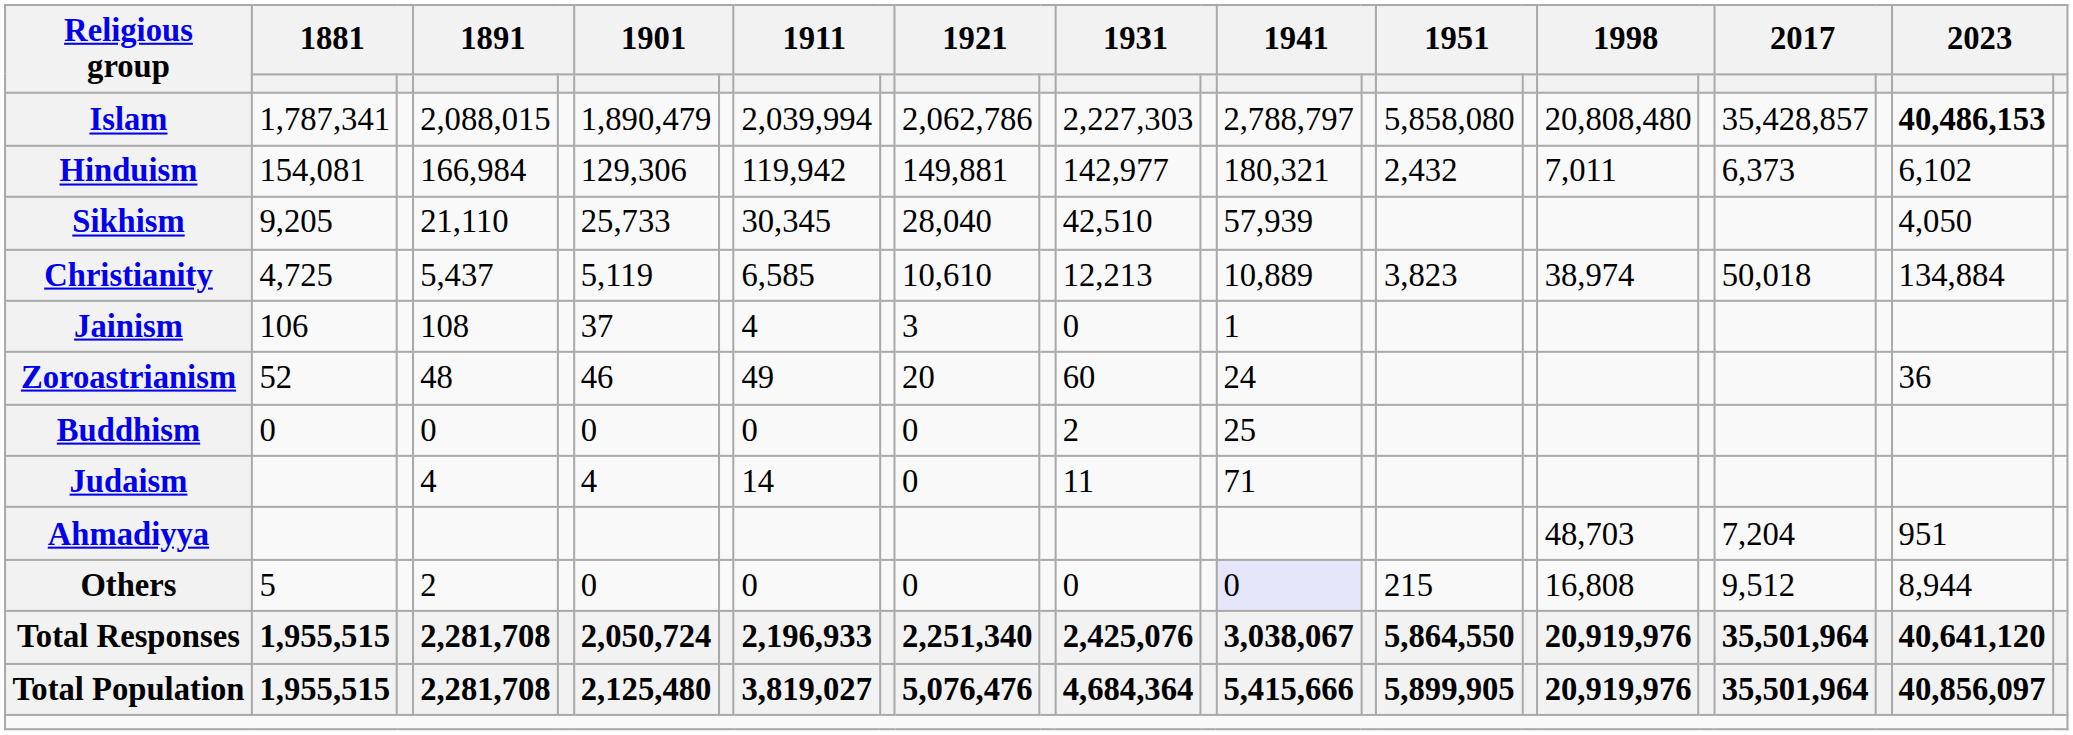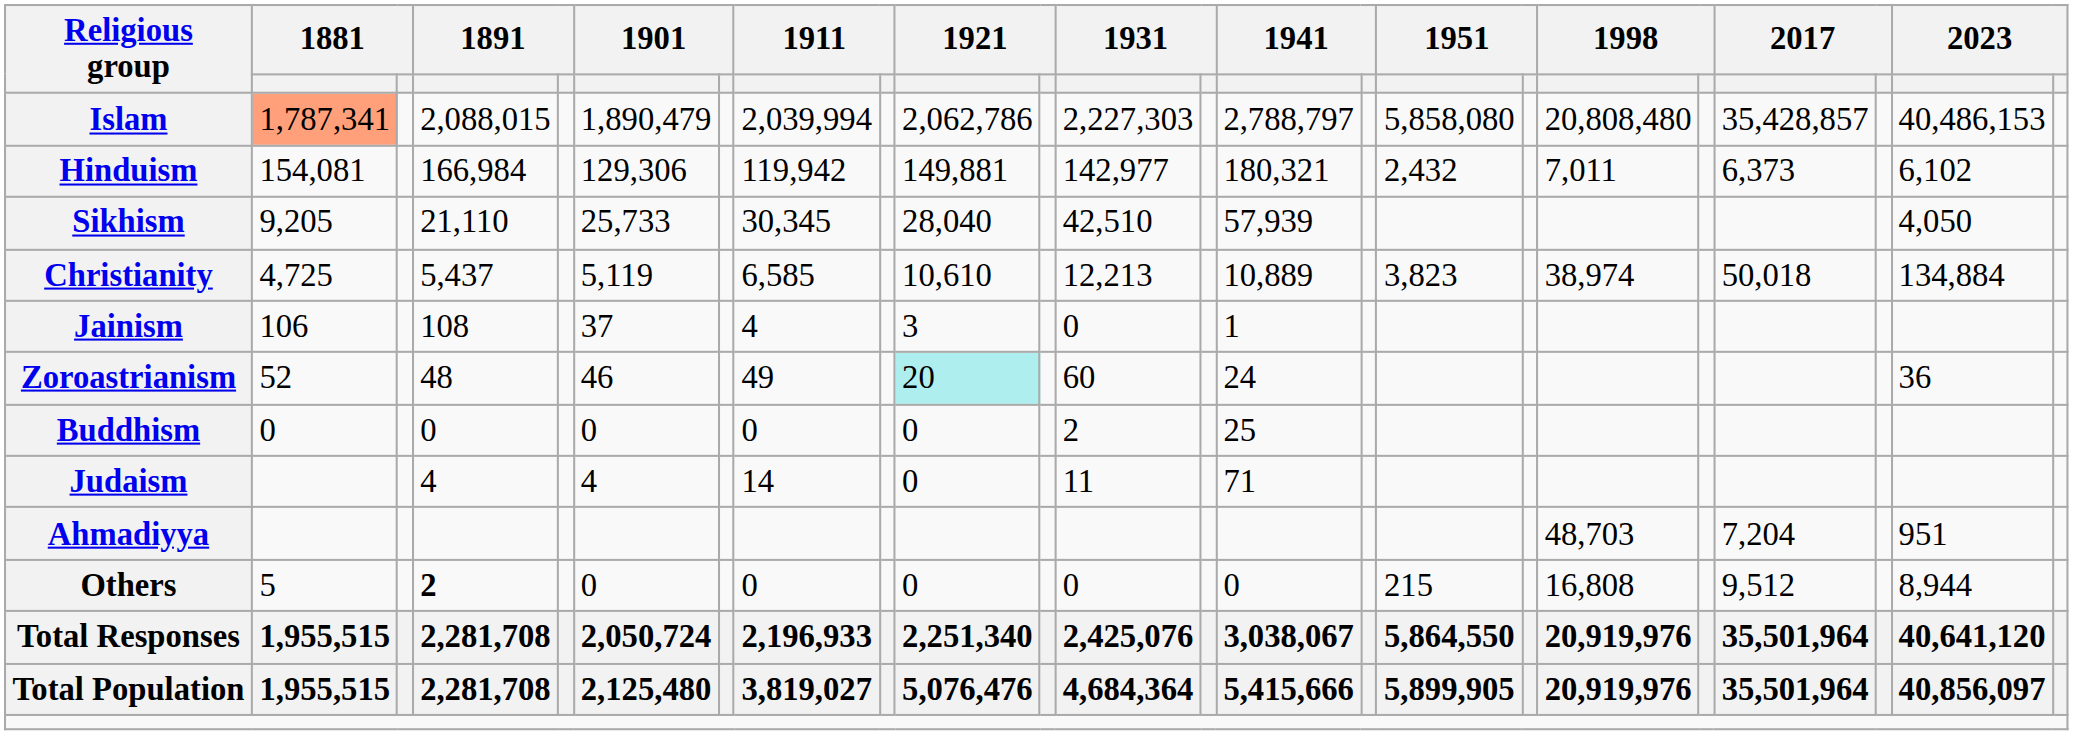 <table class="wikitable sortable">
 <tr>
 <th rowspan="2"><a href='#'>Religious</a><br>group</th>
 <th colspan="2">1881</th>
 <th colspan="2">1891</th>
 <th colspan="2">1901</th>
 <th colspan="2">1911</th>
 <th colspan="2">1921</th>
 <th colspan="2">1931</th>
 <th colspan="2">1941</th>
 <th colspan="2">1951</th>
 <th colspan="2">1998</th>
 <th colspan="2">2017</th>
 <th colspan="2">2023</th>
 </tr>
 <tr>
 <th><a href='#'></a></th>
 <th></th>
 <th></th>
 <th></th>
 <th></th>
 <th></th>
 <th></th>
 <th></th>
 <th></th>
 <th></th>
 <th></th>
 <th></th>
 <th></th>
 <th></th>
 <th></th>
 <th></th>
 <th></th>
 <th></th>
 <th></th>
 <th></th>
 <th></th>
 <th></th>
 </tr>
 <tr>
 <th><a href='#'>Islam</a> </th>
-<td>1,787,341</td>
+<td style="background: lightsalmon;">1,787,341</td>
 <td></td>
 <td>2,088,015</td>
 <td></td>
 <td>1,890,479</td>
 <td></td>
 <td>2,039,994</td>
 <td></td>
 <td>2,062,786</td>
 <td></td>
 <td>2,227,303</td>
 <td></td>
 <td>2,788,797</td>
 <td></td>
 <td>5,858,080</td>
 <td></td>
 <td>20,808,480</td>
 <td></td>
 <td>35,428,857</td>
 <td></td>
-<td><strong>40,486,153</strong></td>
+<td>40,486,153</td>
 <td></td>
 </tr>
 <tr>
 <th><a href='#'>Hinduism</a> </th>
 <td>154,081</td>
 <td></td>
 <td>166,984</td>
 <td></td>
 <td>129,306</td>
 <td></td>
 <td>119,942</td>
 <td></td>
 <td>149,881</td>
 <td></td>
 <td>142,977</td>
 <td></td>
 <td>180,321</td>
 <td></td>
 <td>2,432</td>
 <td></td>
 <td>7,011</td>
 <td></td>
 <td>6,373</td>
 <td></td>
 <td>6,102</td>
 <td></td>
 </tr>
 <tr>
 <th><a href='#'>Sikhism</a> </th>
 <td>9,205</td>
 <td></td>
 <td>21,110</td>
 <td></td>
 <td>25,733</td>
 <td></td>
 <td>30,345</td>
 <td></td>
 <td>28,040</td>
 <td></td>
 <td>42,510</td>
 <td></td>
 <td>57,939</td>
 <td></td>
 <td></td>
 <td></td>
 <td></td>
 <td></td>
 <td></td>
 <td></td>
 <td>4,050</td>
 <td></td>
 </tr>
 <tr>
 <th><a href='#'>Christianity</a> </th>
 <td>4,725</td>
 <td></td>
 <td>5,437</td>
 <td></td>
 <td>5,119</td>
 <td></td>
 <td>6,585</td>
 <td></td>
 <td>10,610</td>
 <td></td>
 <td>12,213</td>
 <td></td>
 <td>10,889</td>
 <td></td>
 <td>3,823</td>
 <td></td>
 <td>38,974</td>
 <td></td>
 <td>50,018</td>
 <td></td>
 <td>134,884</td>
 <td></td>
 </tr>
 <tr>
 <th><a href='#'>Jainism</a> </th>
 <td>106</td>
 <td></td>
 <td>108</td>
 <td></td>
 <td>37</td>
 <td></td>
 <td>4</td>
 <td></td>
 <td>3</td>
 <td></td>
 <td>0</td>
 <td></td>
 <td>1</td>
 <td></td>
 <td></td>
 <td></td>
 <td></td>
 <td></td>
 <td></td>
 <td></td>
 <td></td>
 <td></td>
 </tr>
 <tr>
 <th><a href='#'>Zoroastrianism</a> </th>
 <td>52</td>
 <td></td>
 <td>48</td>
 <td></td>
 <td>46</td>
 <td></td>
 <td>49</td>
 <td></td>
-<td>20</td>
+<td style="background: paleturquoise;">20</td>
 <td></td>
 <td>60</td>
 <td></td>
 <td>24</td>
 <td></td>
 <td></td>
 <td></td>
 <td></td>
 <td></td>
 <td></td>
 <td></td>
 <td>36</td>
 <td></td>
 </tr>
 <tr>
 <th><a href='#'>Buddhism</a> </th>
 <td>0</td>
 <td></td>
 <td>0</td>
 <td></td>
 <td>0</td>
 <td></td>
 <td>0</td>
 <td></td>
 <td>0</td>
 <td></td>
 <td>2</td>
 <td></td>
 <td>25</td>
 <td></td>
 <td></td>
 <td></td>
 <td></td>
 <td></td>
 <td></td>
 <td></td>
 <td></td>
 <td></td>
 </tr>
 <tr>
 <th><a href='#'>Judaism</a> </th>
 <td></td>
 <td></td>
 <td>4</td>
 <td></td>
 <td>4</td>
 <td></td>
 <td>14</td>
 <td></td>
 <td>0</td>
 <td></td>
 <td>11</td>
 <td></td>
 <td>71</td>
 <td></td>
 <td></td>
 <td></td>
 <td></td>
 <td></td>
 <td></td>
 <td></td>
 <td></td>
 <td></td>
 </tr>
 <tr>
 <th><a href='#'>Ahmadiyya</a> </th>
 <td></td>
 <td></td>
 <td></td>
 <td></td>
 <td></td>
 <td></td>
 <td></td>
 <td></td>
 <td></td>
 <td></td>
 <td></td>
 <td></td>
 <td></td>
 <td></td>
 <td></td>
 <td></td>
 <td>48,703</td>
 <td></td>
 <td>7,204</td>
 <td></td>
 <td>951</td>
 <td></td>
 </tr>
 <tr>
 <th>Others</th>
 <td>5</td>
 <td></td>
-<td>2</td>
+<td><strong>2</strong></td>
 <td></td>
 <td>0</td>
 <td></td>
 <td>0</td>
 <td></td>
 <td>0</td>
 <td></td>
 <td>0</td>
 <td></td>
-<td style="background: lavender;">0</td>
+<td>0</td>
 <td></td>
 <td>215</td>
 <td></td>
 <td>16,808</td>
 <td></td>
 <td>9,512</td>
 <td></td>
 <td>8,944</td>
 <td></td>
 </tr>
 <tr class="sortbottom">
 <th>Total Responses</th>
 <th>1,955,515</th>
 <th></th>
 <th>2,281,708</th>
 <th></th>
 <th>2,050,724</th>
 <th></th>
 <th>2,196,933</th>
 <th></th>
 <th>2,251,340</th>
 <th></th>
 <th>2,425,076</th>
 <th></th>
 <th>3,038,067</th>
 <th></th>
 <th>5,864,550</th>
 <th></th>
 <th>20,919,976</th>
 <th></th>
 <th>35,501,964</th>
 <th></th>
 <th>40,641,120</th>
 <th></th>
 </tr>
 <tr class="sortbottom">
 <th>Total Population</th>
 <th>1,955,515</th>
 <th></th>
 <th>2,281,708</th>
 <th></th>
 <th>2,125,480</th>
 <th></th>
 <th>3,819,027</th>
 <th></th>
 <th>5,076,476</th>
 <th></th>
 <th>4,684,364</th>
 <th></th>
 <th>5,415,666</th>
 <th></th>
 <th>5,899,905</th>
 <th></th>
 <th>20,919,976</th>
 <th></th>
 <th>35,501,964</th>
 <th></th>
 <th>40,856,097</th>
 <th></th>
 </tr>
 <tr class="sortbottom">
 <td colspan="25"></td>
 </tr>
 </table>
